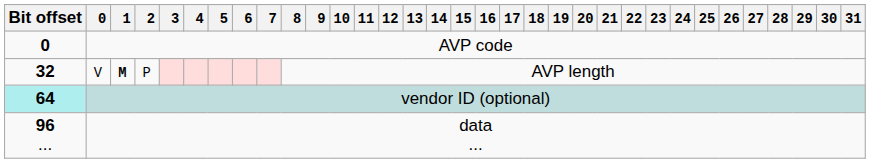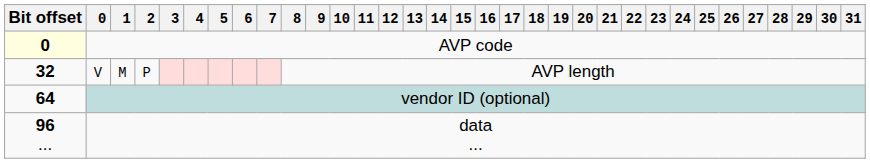 <table class="wikitable" style="text-align:center">
 <tr>
 <th>Bit offset</th>
 <th><code> 0</code></th>
 <th><code> 1</code></th>
 <th><code> 2</code></th>
 <th><code> 3</code></th>
 <th><code> 4</code></th>
 <th><code> 5</code></th>
 <th><code> 6</code></th>
 <th><code> 7</code></th>
 <th><code> 8</code></th>
 <th><code> 9</code></th>
 <th><code>10</code></th>
 <th><code>11</code></th>
 <th><code>12</code></th>
 <th><code>13</code></th>
 <th><code>14</code></th>
 <th><code>15</code></th>
 <th><code>16</code></th>
 <th><code>17</code></th>
 <th><code>18</code></th>
 <th><code>19</code></th>
 <th><code>20</code></th>
 <th><code>21</code></th>
 <th><code>22</code></th>
 <th><code>23</code></th>
 <th><code>24</code></th>
 <th><code>25</code></th>
 <th><code>26</code></th>
 <th><code>27</code></th>
 <th><code>28</code></th>
 <th><code>29</code></th>
 <th><code>30</code></th>
 <th><code>31</code></th>
 </tr>
 <tr>
-<td><strong>0</strong></td>
+<td style="background: lightyellow;"><strong>0</strong></td>
 <td colspan="32">AVP code</td>
 </tr>
 <tr>
 <td><strong>32</strong></td>
 <td><code>V</code></td>
-<td><strong><code>M</code></strong></td>
+<td><code>M</code></td>
 <td><code>P</code></td>
 <td style="background:#fdd;"> </td>
 <td style="background:#fdd;"> </td>
 <td style="background:#fdd;"> </td>
 <td style="background:#fdd;"> </td>
 <td style="background:#fdd;"> </td>
 <td colspan="24">AVP length</td>
 </tr>
 <tr>
-<td style="background: paleturquoise;"><strong>64</strong></td>
+<td><strong>64</strong></td>
 <td colspan="32" style="background:#c0dddd;">vendor ID (optional)</td>
 </tr>
 <tr>
 <td><strong>96</strong><br>...</td>
 <td colspan="32">data<br>...</td>
 </tr>
 </table>
